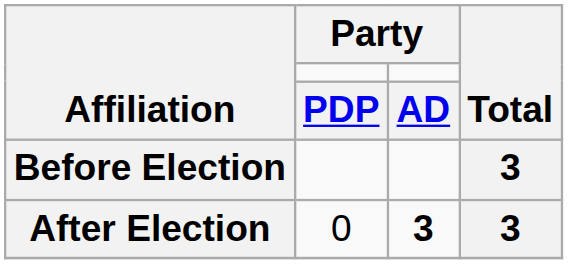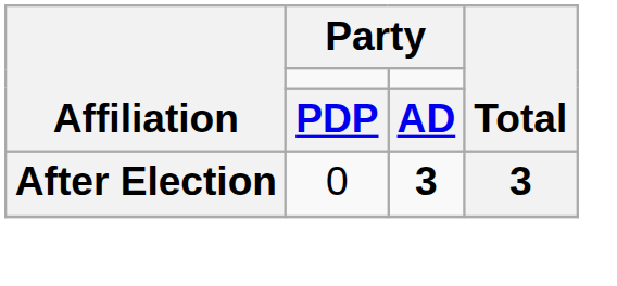 <table class=wikitable style="text-align:center">
 <tr style="vertical-align:bottom;">
 <th rowspan=3>Affiliation</th>
 <th colspan=2>Party</th>
 <th rowspan=3>Total</th>
 </tr>
 <tr>
 <td style="background-color:"></td>
 <td style="background-color:"></td>
 </tr>
 <tr>
 <th><a href='#'>PDP</a></th>
 <th><a href='#'>AD</a></th>
 </tr>
 <tr>
-<th>Before Election</th>
-<td></td>
-<td></td>
-<th>3</th>
-</tr>
-<tr>
 <th>After Election</th>
 <td>0</td>
 <td><strong>3</strong></td>
 <th>3</th>
 </tr>
 <tr>
 </tr>
 </table>
